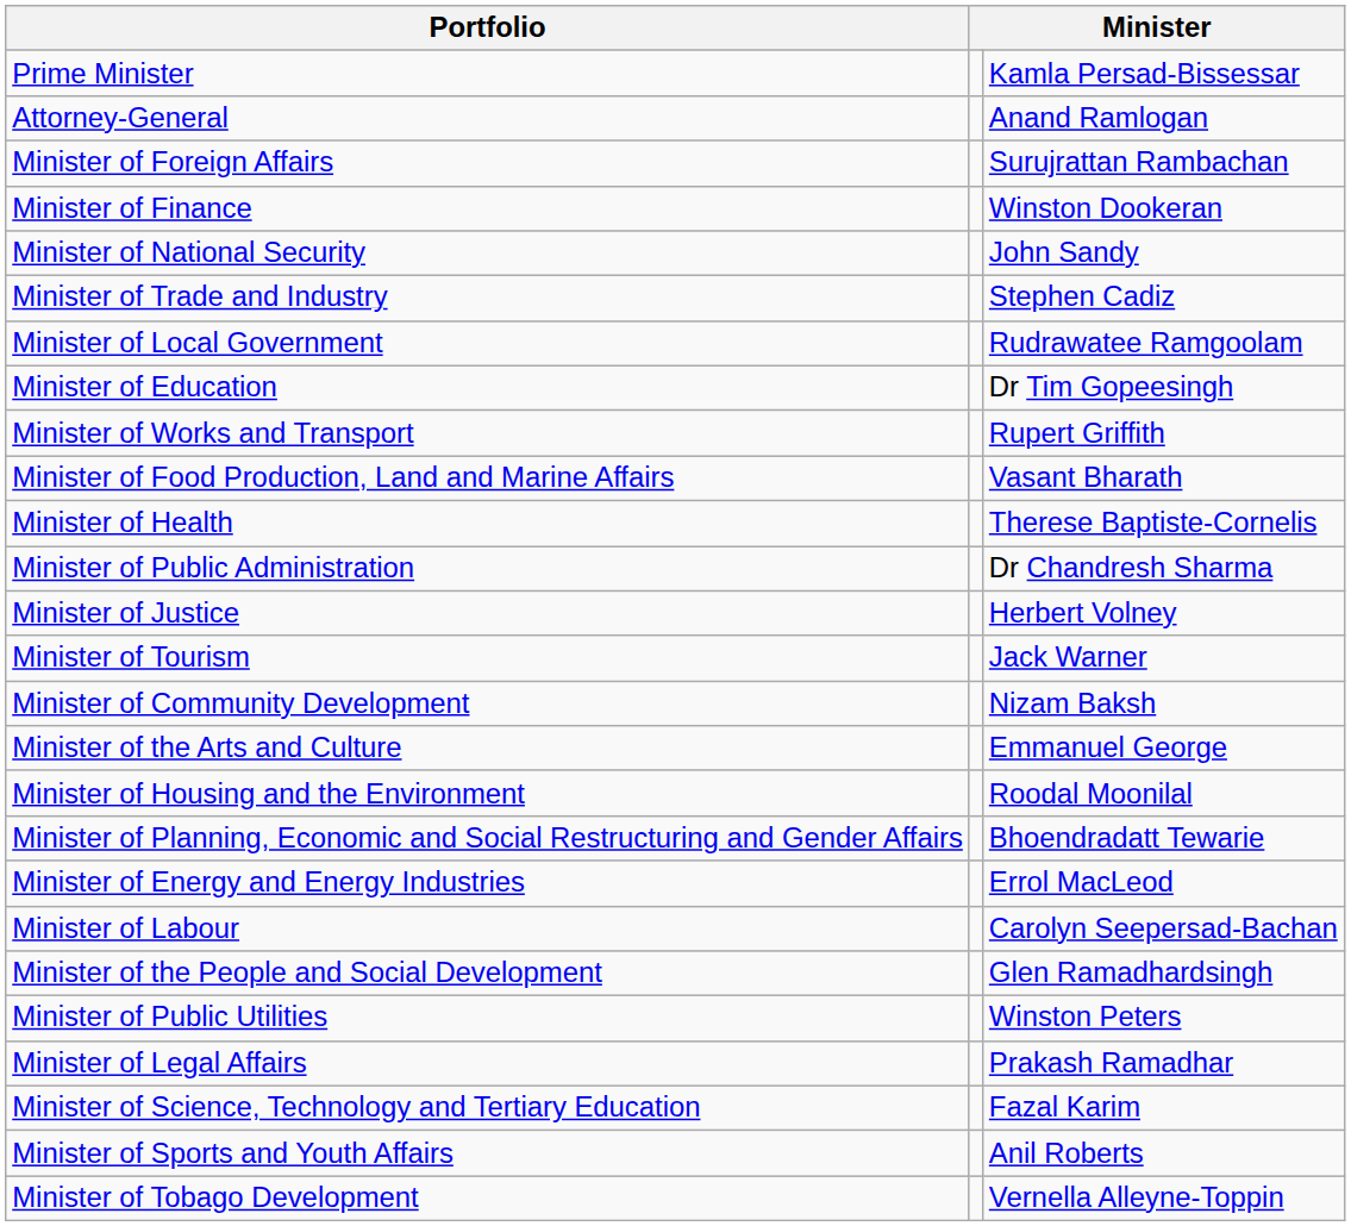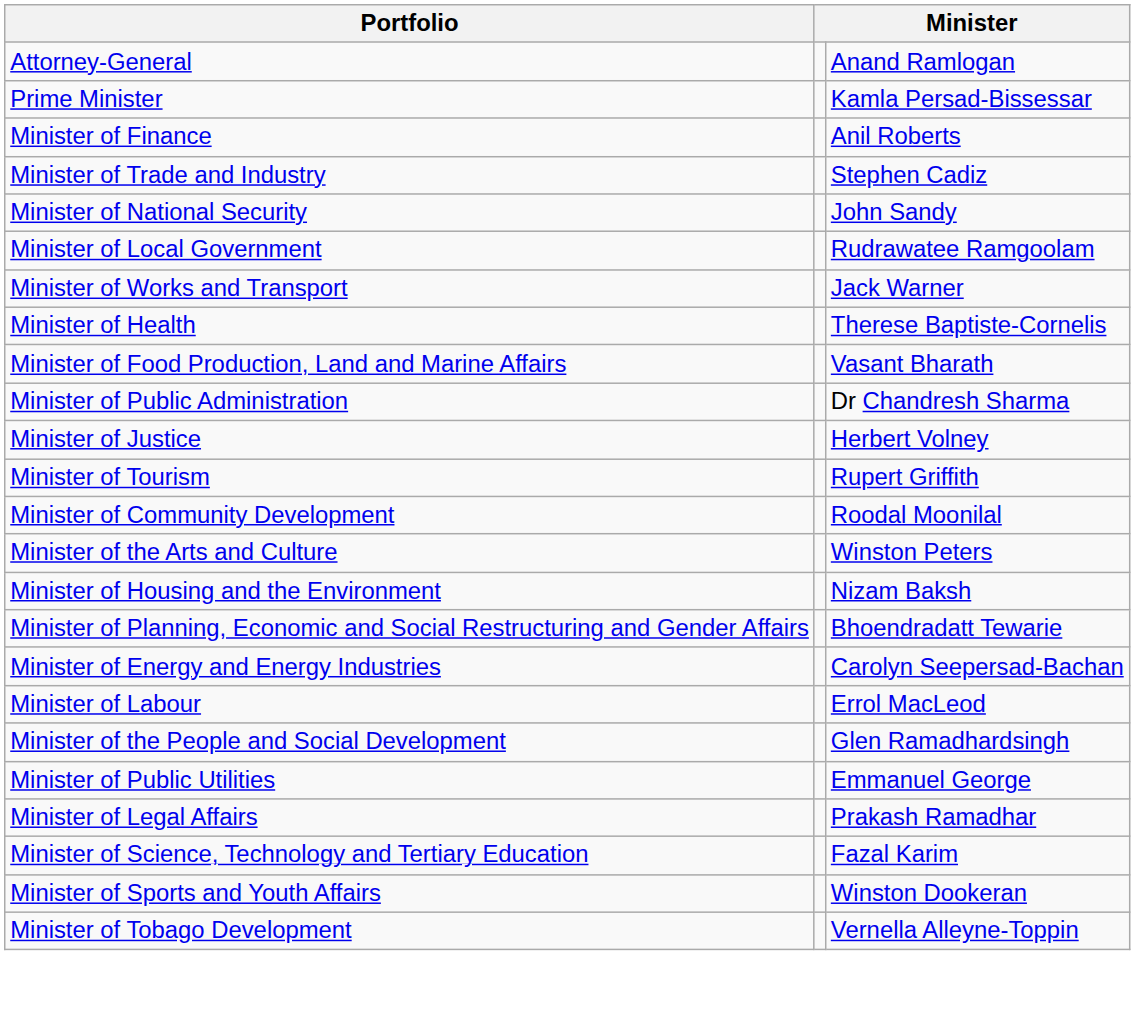 <table class="wikitable">
 <tr>
 <th>Portfolio</th>
 <th colspan=2>Minister</th>
+</tr>
+<tr>
+<td><a href='#'>Attorney-General</a></td>
+<td style="background:"></td>
+<td><a href='#'>Anand Ramlogan</a></td>
 </tr>
 <tr>
 <td><a href='#'>Prime Minister</a></td>
 <td style="background:"></td>
 <td><a href='#'>Kamla Persad-Bissessar</a></td>
 </tr>
 <tr>
-<td><a href='#'>Attorney-General</a></td>
+<td><a href='#'>Minister of Finance</a></td>
 <td style="background:"></td>
-<td><a href='#'>Anand Ramlogan</a></td>
+<td><a href='#'>Anil Roberts</a></td>
 </tr>
 <tr>
-<td><a href='#'>Minister of Foreign Affairs</a></td>
+<td><a href='#'>Minister of Trade and Industry</a></td>
 <td style="background:"></td>
-<td><a href='#'>Surujrattan Rambachan</a></td>
-</tr>
-<tr>
-<td><a href='#'>Minister of Finance</a></td>
-<td style="background:"></td>
-<td><a href='#'>Winston Dookeran</a></td>
+<td><a href='#'>Stephen Cadiz</a></td>
 </tr>
 <tr>
 <td><a href='#'>Minister of National Security</a></td>
 <td style="background:"></td>
 <td><a href='#'>John Sandy</a></td>
 </tr>
 <tr>
-<td><a href='#'>Minister of Trade and Industry</a></td>
-<td style="background:"></td>
-<td><a href='#'>Stephen Cadiz</a></td>
-</tr>
-<tr>
 <td><a href='#'>Minister of Local Government</a></td>
 <td style="background:"></td>
 <td><a href='#'>Rudrawatee Ramgoolam</a></td>
 </tr>
 <tr>
-<td><a href='#'>Minister of Education</a></td>
+<td><a href='#'>Minister of Works and Transport</a></td>
 <td style="background:"></td>
-<td>Dr <a href='#'>Tim Gopeesingh</a></td>
+<td><a href='#'>Jack Warner</a></td>
 </tr>
 <tr>
-<td><a href='#'>Minister of Works and Transport</a></td>
+<td><a href='#'>Minister of Health</a></td>
 <td style="background:"></td>
-<td><a href='#'>Rupert Griffith</a></td>
+<td><a href='#'>Therese Baptiste-Cornelis</a></td>
 </tr>
 <tr>
 <td><a href='#'>Minister of Food Production, Land and Marine Affairs</a></td>
 <td style="background:"></td>
 <td><a href='#'>Vasant Bharath</a></td>
-</tr>
-<tr>
-<td><a href='#'>Minister of Health</a></td>
-<td style="background:"></td>
-<td><a href='#'>Therese Baptiste-Cornelis</a></td>
 </tr>
 <tr>
 <td><a href='#'>Minister of Public Administration</a></td>
 <td style="background:"></td>
 <td>Dr <a href='#'>Chandresh Sharma</a></td>
 </tr>
 <tr>
 <td><a href='#'>Minister of Justice</a></td>
 <td style="background:"></td>
 <td><a href='#'>Herbert Volney</a></td>
 </tr>
 <tr>
 <td><a href='#'>Minister of Tourism</a></td>
 <td style="background:"></td>
-<td><a href='#'>Jack Warner</a></td>
+<td><a href='#'>Rupert Griffith</a></td>
 </tr>
 <tr>
 <td><a href='#'>Minister of Community Development</a></td>
 <td style="background:"></td>
-<td><a href='#'>Nizam Baksh</a></td>
+<td><a href='#'>Roodal Moonilal</a></td>
 </tr>
 <tr>
 <td><a href='#'>Minister of the Arts and Culture</a></td>
 <td style="background:"></td>
-<td><a href='#'>Emmanuel George</a></td>
+<td><a href='#'>Winston Peters</a></td>
 </tr>
 <tr>
 <td><a href='#'>Minister of Housing and the Environment</a></td>
 <td style="background:"></td>
-<td><a href='#'>Roodal Moonilal</a></td>
+<td><a href='#'>Nizam Baksh</a></td>
 </tr>
 <tr>
 <td><a href='#'>Minister of Planning, Economic and Social Restructuring and Gender Affairs</a></td>
 <td style="background:"></td>
 <td><a href='#'>Bhoendradatt Tewarie</a></td>
 </tr>
 <tr>
 <td><a href='#'>Minister of Energy and Energy Industries</a></td>
 <td style="background:"></td>
-<td><a href='#'>Errol MacLeod</a></td>
+<td><a href='#'>Carolyn Seepersad-Bachan</a></td>
 </tr>
 <tr>
 <td><a href='#'>Minister of Labour</a></td>
 <td style="background:"></td>
-<td><a href='#'>Carolyn Seepersad-Bachan</a></td>
+<td><a href='#'>Errol MacLeod</a></td>
 </tr>
 <tr>
 <td><a href='#'>Minister of the People and Social Development</a></td>
 <td style="background:"></td>
 <td><a href='#'>Glen Ramadhardsingh</a></td>
 </tr>
 <tr>
 <td><a href='#'>Minister of Public Utilities</a></td>
 <td style="background:"></td>
-<td><a href='#'>Winston Peters</a></td>
+<td><a href='#'>Emmanuel George</a></td>
 </tr>
 <tr>
 <td><a href='#'>Minister of Legal Affairs</a></td>
 <td style="background:"></td>
 <td><a href='#'>Prakash Ramadhar</a></td>
 </tr>
 <tr>
 <td><a href='#'>Minister of Science, Technology and Tertiary Education</a></td>
 <td style="background:"></td>
 <td><a href='#'>Fazal Karim</a></td>
 </tr>
 <tr>
 <td><a href='#'>Minister of Sports and Youth Affairs</a></td>
 <td style="background:"></td>
-<td><a href='#'>Anil Roberts</a></td>
+<td><a href='#'>Winston Dookeran</a></td>
 </tr>
 <tr>
 <td><a href='#'>Minister of Tobago Development</a></td>
 <td style="background:"></td>
 <td><a href='#'>Vernella Alleyne-Toppin</a></td>
 </tr>
 </table>
